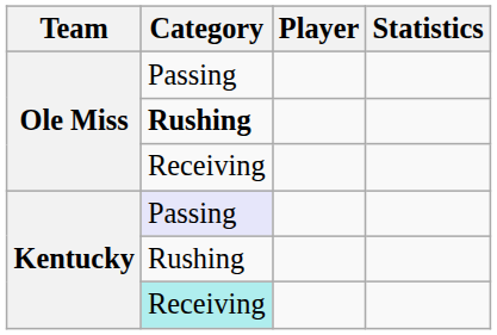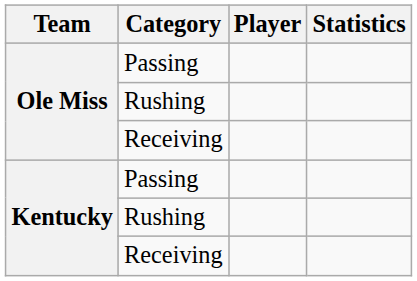 <table class="wikitable" style="float:right">
 <tr>
 <th>Team</th>
 <th>Category</th>
 <th>Player</th>
 <th>Statistics</th>
 </tr>
 <tr>
 <th rowspan=3>Ole Miss</th>
 <td>Passing</td>
 <td></td>
 <td></td>
 </tr>
 <tr>
-<td><strong>Rushing</strong></td>
+<td>Rushing</td>
 <td></td>
 <td></td>
 </tr>
 <tr>
 <td>Receiving</td>
 <td></td>
 <td></td>
 </tr>
 <tr>
 <th rowspan=3>Kentucky</th>
-<td style="background: lavender;">Passing</td>
+<td>Passing</td>
 <td></td>
 <td></td>
 </tr>
 <tr>
 <td>Rushing</td>
 <td></td>
 <td></td>
 </tr>
 <tr>
-<td style="background: paleturquoise;">Receiving</td>
+<td>Receiving</td>
 <td></td>
 <td></td>
 </tr>
 </table>
